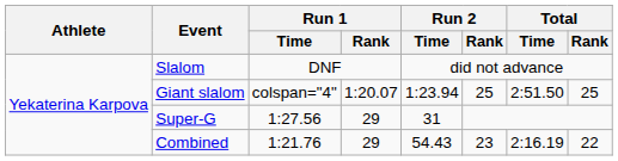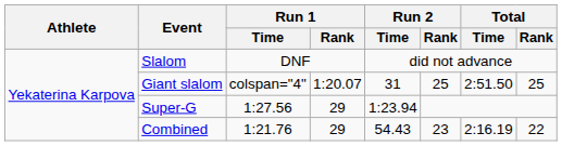 <table class="wikitable" style="font-size:90%">
 <tr>
 <th rowspan=2>Athlete</th>
 <th rowspan=2>Event</th>
 <th colspan=2>Run 1</th>
 <th colspan=2>Run 2</th>
 <th colspan=2>Total</th>
 </tr>
 <tr style="font-size:95%">
 <th>Time</th>
 <th>Rank</th>
 <th>Time</th>
 <th>Rank</th>
 <th>Time</th>
 <th>Rank</th>
 </tr>
 <tr align=center>
 <td align="left" rowspan="4"><a href='#'>Yekaterina Karpova</a></td>
 <td align="left"><a href='#'>Slalom</a></td>
 <td colspan=2>DNF</td>
 <td colspan=4>did not advance</td>
 </tr>
 <tr align=center>
 <td align="left"><a href='#'>Giant slalom</a></td>
 <td>colspan="4" </td>
 <td>1:20.07</td>
-<td>1:23.94</td>
+<td>31</td>
 <td>25</td>
 <td>2:51.50</td>
 <td>25</td>
 </tr>
 <tr align=center>
 <td align="left"><a href='#'>Super-G</a></td>
 <td>1:27.56</td>
 <td>29</td>
-<td>31</td>
+<td>1:23.94</td>
 </tr>
 <tr align=center>
 <td align="left"><a href='#'>Combined</a></td>
 <td>1:21.76</td>
 <td>29</td>
 <td>54.43</td>
 <td>23</td>
 <td>2:16.19</td>
 <td>22</td>
 </tr>
 </table>
